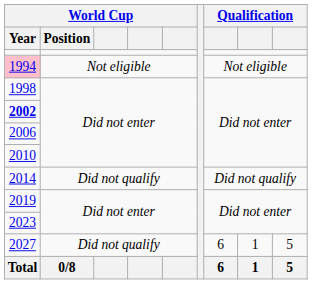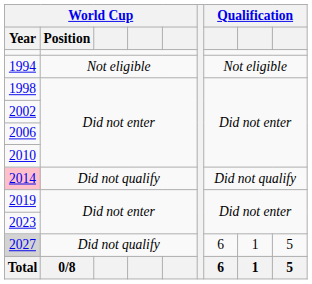 <table class="wikitable" style="text-align: center;font-size:90%;">
 <tr>
 <th colspan=5><a href='#'>World Cup</a></th>
 <th rowspan=13></th>
 <th colspan=3><a href='#'>Qualification</a></th>
 </tr>
 <tr>
 <th>Year</th>
 <th>Position</th>
 <th width=30></th>
 <th width=30></th>
 <th width=30></th>
 <th width=30></th>
 <th width=30></th>
 <th width=30></th>
 </tr>
 <tr>
 <td></td>
 <td colspan=4></td>
 <td colspan=3></td>
 </tr>
 <tr>
-<td style="background: pink;"> <a href='#'>1994</a></td>
+<td> <a href='#'>1994</a></td>
 <td colspan=4><em>Not eligible</em></td>
 <td colspan=3><em>Not eligible</em></td>
 </tr>
 <tr>
 <td> <a href='#'>1998</a></td>
 <td colspan=4 rowspan=4><em>Did not enter</em></td>
 <td colspan=3 rowspan=4><em>Did not enter</em></td>
 </tr>
 <tr>
-<td><strong> <a href='#'>2002</a></strong></td>
+<td> <a href='#'>2002</a></td>
 </tr>
 <tr>
 <td> <a href='#'>2006</a></td>
 </tr>
 <tr>
 <td> <a href='#'>2010</a></td>
 </tr>
 <tr>
-<td> <a href='#'>2014</a></td>
+<td style="background: pink;"> <a href='#'>2014</a></td>
 <td colspan=4><em>Did not qualify</em></td>
 <td colspan=3><em>Did not qualify</em></td>
 </tr>
 <tr>
 <td> <a href='#'>2019</a></td>
 <td colspan=4 rowspan=2><em>Did not enter</em></td>
 <td colspan=3 rowspan=2><em>Did not enter</em></td>
 </tr>
 <tr>
 <td> <a href='#'>2023</a></td>
 </tr>
 <tr>
-<td> <a href='#'>2027</a></td>
+<td style="background: lightgrey;"> <a href='#'>2027</a></td>
 <td colspan=4><em>Did not qualify</em></td>
 <td>6</td>
 <td>1</td>
 <td>5</td>
 </tr>
 <tr>
 <th>Total</th>
 <th>0/8</th>
 <th></th>
 <th></th>
 <th></th>
 <th>6</th>
 <th>1</th>
 <th>5</th>
 </tr>
 </table>
